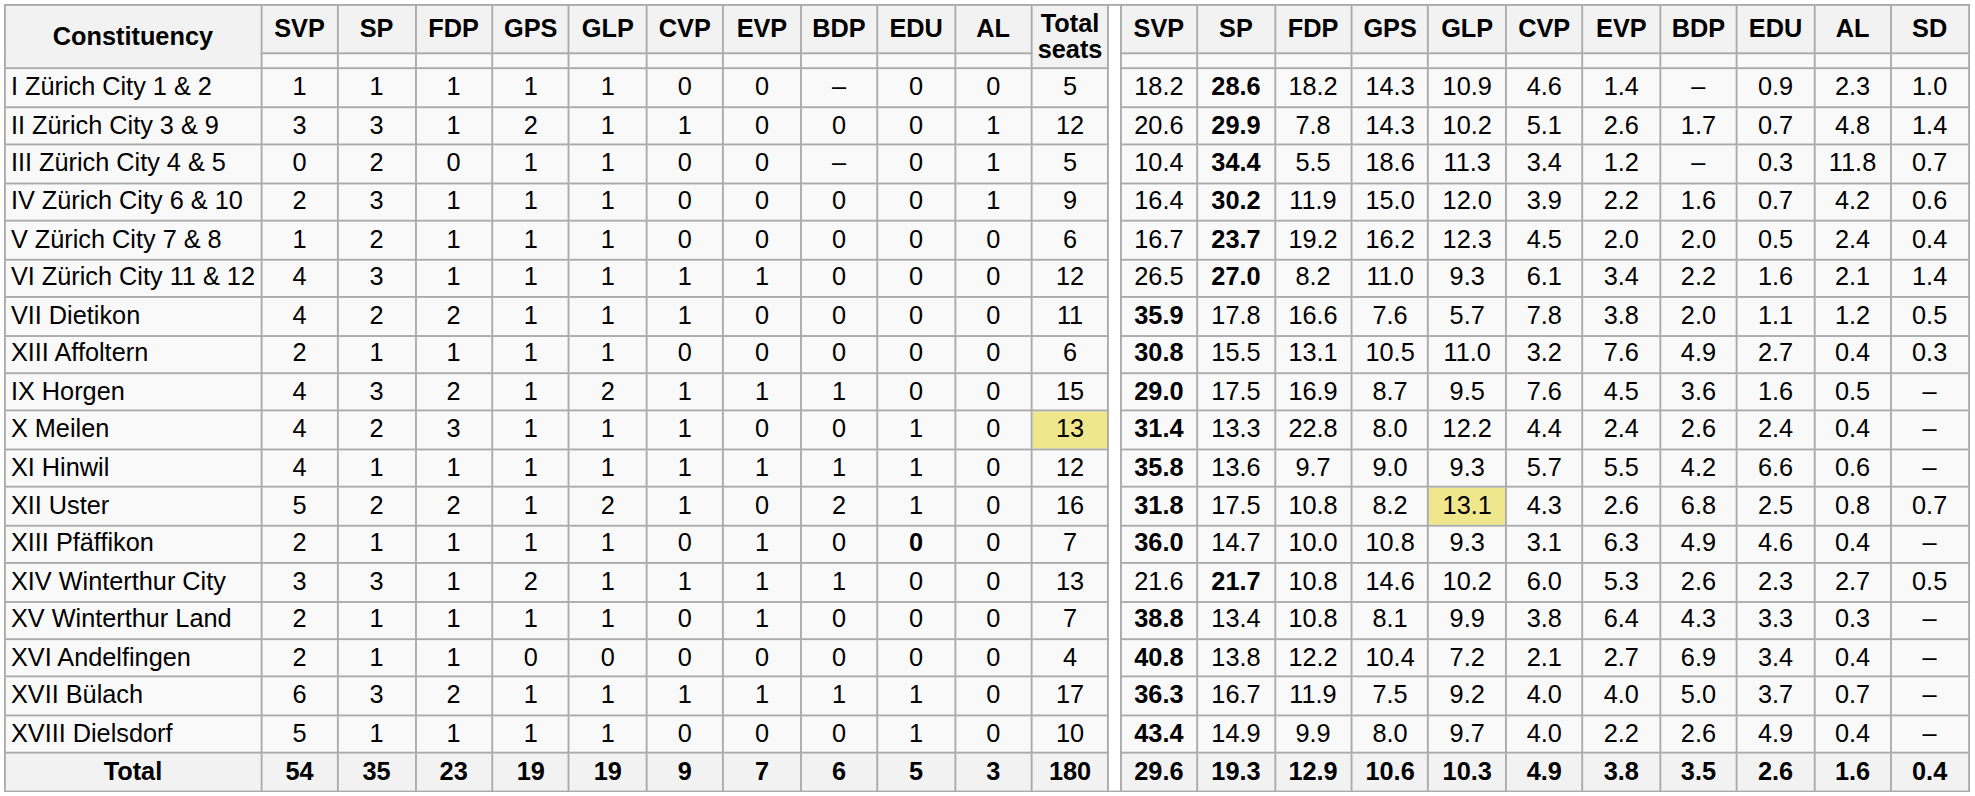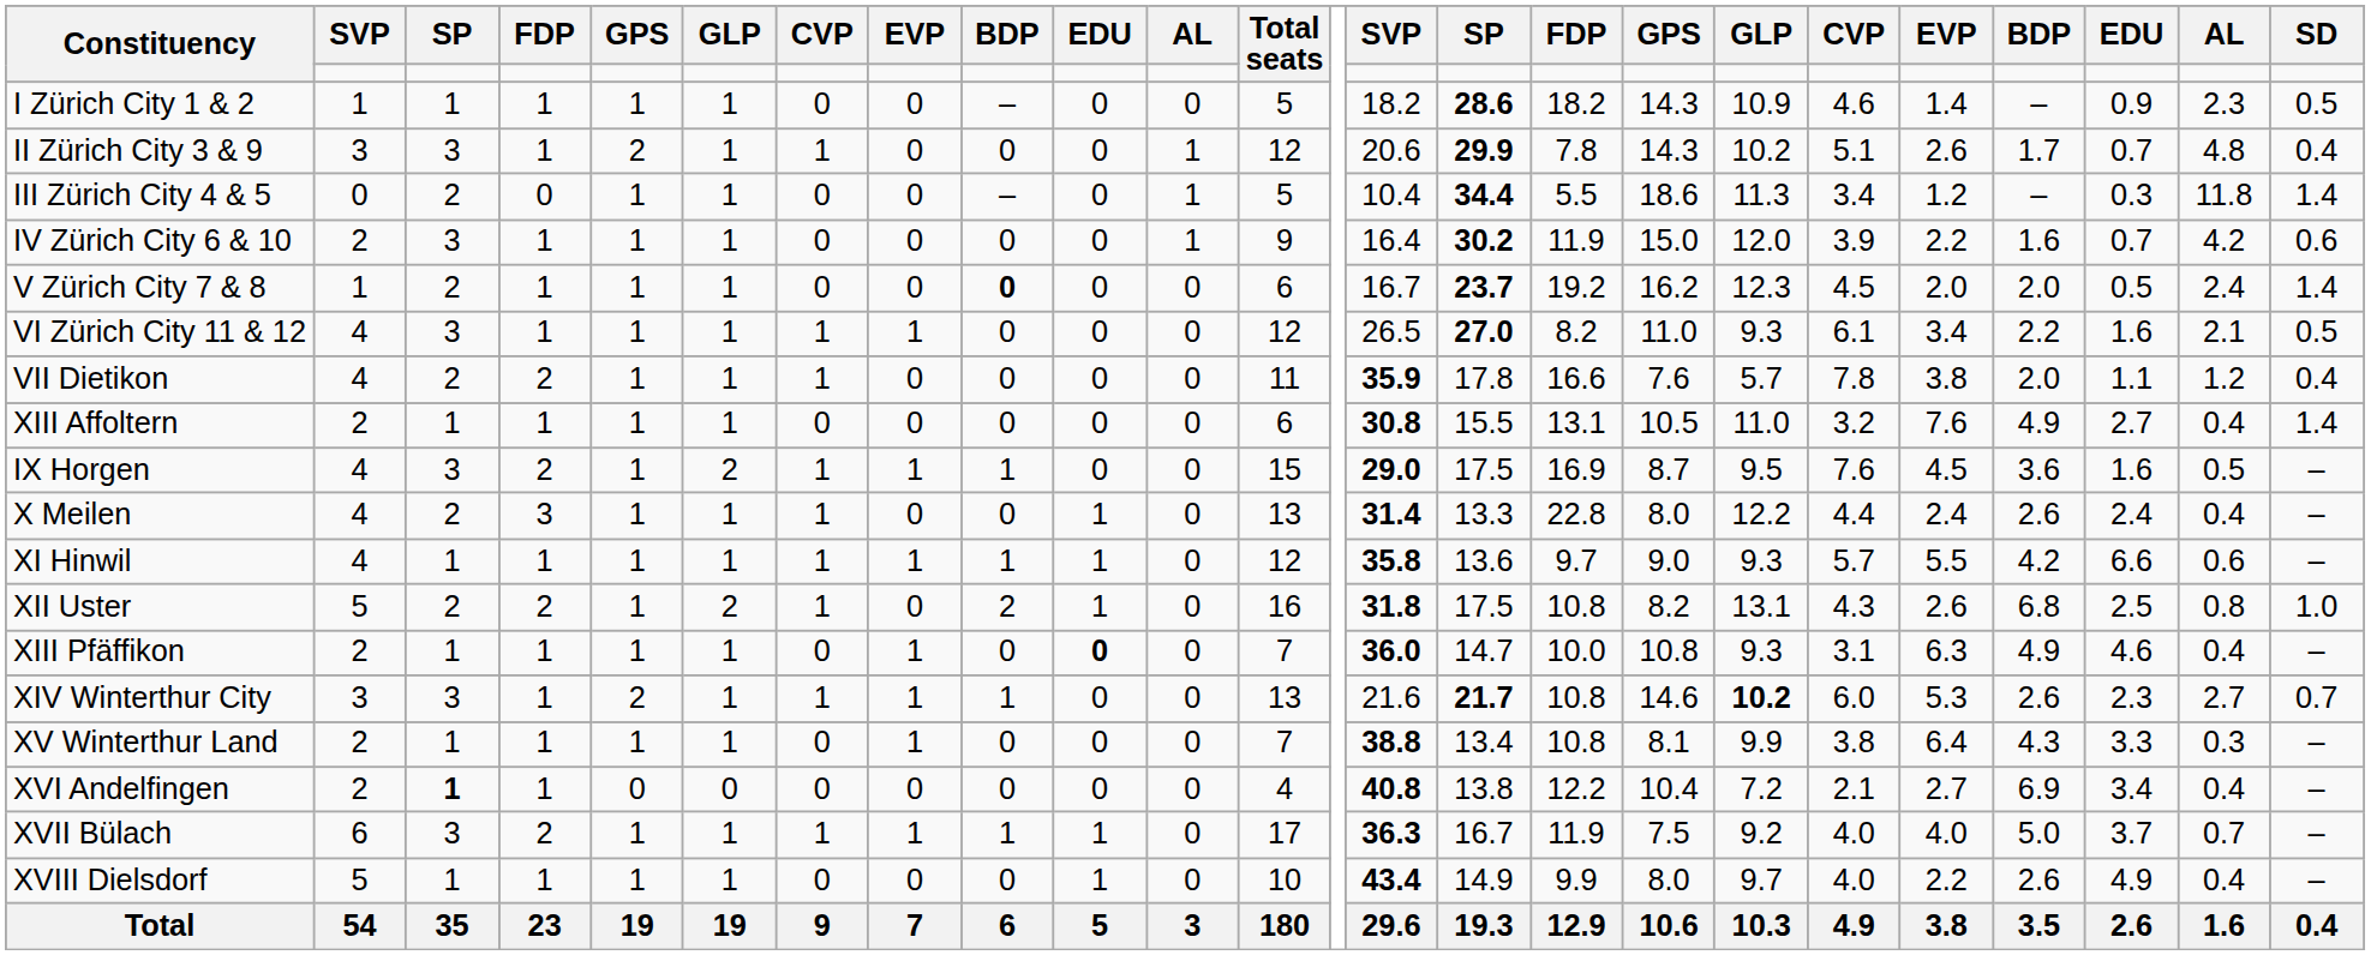 <table class="wikitable mw-datatable" style="text-align:center; font-size:85%; line-height:14px;">
 <tr>
 <th rowspan="2">Constituency</th>
 <th>SVP</th>
 <th>SP</th>
 <th>FDP</th>
 <th>GPS</th>
 <th>GLP</th>
 <th>CVP</th>
 <th>EVP</th>
 <th>BDP</th>
 <th>EDU</th>
 <th>AL</th>
 <th rowspan="2">Total<br>seats</th>
 <td style="background-color:white;" rowspan=21></td>
 <th>SVP</th>
 <th>SP</th>
 <th>FDP</th>
 <th>GPS</th>
 <th>GLP</th>
 <th>CVP</th>
 <th>EVP</th>
 <th>BDP</th>
 <th>EDU</th>
 <th>AL</th>
 <th>SD</th>
 </tr>
 <tr>
 <td style="width:35px; background-color:"></td>
 <td style="width:35px; background-color:"></td>
 <td style="width:35px; background-color:"></td>
 <td style="width:35px; background-color:"></td>
 <td style="width:35px; background-color:"></td>
 <td style="width:35px; background-color:"></td>
 <td style="width:35px; background-color:"></td>
 <td style="width:35px; background-color:"></td>
 <td style="width:35px; background-color:"></td>
 <td style="width:35px; background-color:"></td>
 <td style="width:35px; background-color:"></td>
 <td style="width:35px; background-color:"></td>
 <td style="width:35px; background-color:"></td>
 <td style="width:35px; background-color:"></td>
 <td style="width:35px; background-color:"></td>
 <td style="width:35px; background-color:"></td>
 <td style="width:35px; background-color:"></td>
 <td style="width:35px; background-color:"></td>
 <td style="width:35px; background-color:"></td>
 <td style="width:35px; background-color:"></td>
 <td style="width:35px; background-color:"></td>
 </tr>
 <tr>
 <td align="left">I Zürich City 1 & 2</td>
 <td>1</td>
 <td>1</td>
 <td>1</td>
 <td>1</td>
 <td>1</td>
 <td>0</td>
 <td>0</td>
 <td>–</td>
 <td>0</td>
 <td>0</td>
 <td>5</td>
 <td>18.2</td>
 <td style="background-color:#"><strong>28.6</strong></td>
 <td>18.2</td>
 <td>14.3</td>
 <td>10.9</td>
 <td>4.6</td>
 <td>1.4</td>
 <td>–</td>
 <td>0.9</td>
 <td>2.3</td>
-<td>1.0</td>
+<td>0.5</td>
 </tr>
 <tr>
 <td align="left">II Zürich City 3 & 9</td>
 <td>3</td>
 <td>3</td>
 <td>1</td>
 <td>2</td>
 <td>1</td>
 <td>1</td>
 <td>0</td>
 <td>0</td>
 <td>0</td>
 <td>1</td>
 <td>12</td>
 <td>20.6</td>
 <td style="background-color:#"><strong>29.9</strong></td>
 <td>7.8</td>
 <td>14.3</td>
 <td>10.2</td>
 <td>5.1</td>
 <td>2.6</td>
 <td>1.7</td>
 <td>0.7</td>
 <td>4.8</td>
-<td>1.4</td>
+<td>0.4</td>
 </tr>
 <tr>
 <td align="left">III Zürich City 4 & 5</td>
 <td>0</td>
 <td>2</td>
 <td>0</td>
 <td>1</td>
 <td>1</td>
 <td>0</td>
 <td>0</td>
 <td>–</td>
 <td>0</td>
 <td>1</td>
 <td>5</td>
 <td>10.4</td>
 <td style="background-color:#"><strong>34.4</strong></td>
 <td>5.5</td>
 <td>18.6</td>
 <td>11.3</td>
 <td>3.4</td>
 <td>1.2</td>
 <td>–</td>
 <td>0.3</td>
 <td>11.8</td>
-<td>0.7</td>
+<td>1.4</td>
 </tr>
 <tr>
 <td align="left">IV Zürich City 6 & 10</td>
 <td>2</td>
 <td>3</td>
 <td>1</td>
 <td>1</td>
 <td>1</td>
 <td>0</td>
 <td>0</td>
 <td>0</td>
 <td>0</td>
 <td>1</td>
 <td>9</td>
 <td>16.4</td>
 <td style="background-color:#"><strong>30.2</strong></td>
 <td>11.9</td>
 <td>15.0</td>
 <td>12.0</td>
 <td>3.9</td>
 <td>2.2</td>
 <td>1.6</td>
 <td>0.7</td>
 <td>4.2</td>
 <td>0.6</td>
 </tr>
 <tr>
 <td align="left">V Zürich City 7 & 8</td>
 <td>1</td>
 <td>2</td>
 <td>1</td>
 <td>1</td>
 <td>1</td>
 <td>0</td>
 <td>0</td>
-<td>0</td>
+<td><strong>0</strong></td>
 <td>0</td>
 <td>0</td>
 <td>6</td>
 <td>16.7</td>
 <td style="background-color:#"><strong>23.7</strong></td>
 <td>19.2</td>
 <td>16.2</td>
 <td>12.3</td>
 <td>4.5</td>
 <td>2.0</td>
 <td>2.0</td>
 <td>0.5</td>
 <td>2.4</td>
-<td>0.4</td>
+<td>1.4</td>
 </tr>
 <tr>
 <td align="left">VI Zürich City 11 & 12</td>
 <td>4</td>
 <td>3</td>
 <td>1</td>
 <td>1</td>
 <td>1</td>
 <td>1</td>
 <td>1</td>
 <td>0</td>
 <td>0</td>
 <td>0</td>
 <td>12</td>
 <td>26.5</td>
 <td style="background-color:#"><strong>27.0</strong></td>
 <td>8.2</td>
 <td>11.0</td>
 <td>9.3</td>
 <td>6.1</td>
 <td>3.4</td>
 <td>2.2</td>
 <td>1.6</td>
 <td>2.1</td>
-<td>1.4</td>
+<td>0.5</td>
 </tr>
 <tr>
 <td align="left">VII Dietikon</td>
 <td>4</td>
 <td>2</td>
 <td>2</td>
 <td>1</td>
 <td>1</td>
 <td>1</td>
 <td>0</td>
 <td>0</td>
 <td>0</td>
 <td>0</td>
 <td>11</td>
 <td style="background-color:#"><strong>35.9</strong></td>
 <td>17.8</td>
 <td>16.6</td>
 <td>7.6</td>
 <td>5.7</td>
 <td>7.8</td>
 <td>3.8</td>
 <td>2.0</td>
 <td>1.1</td>
 <td>1.2</td>
-<td>0.5</td>
+<td>0.4</td>
 </tr>
 <tr>
 <td align="left">XIII Affoltern</td>
 <td>2</td>
 <td>1</td>
 <td>1</td>
 <td>1</td>
 <td>1</td>
 <td>0</td>
 <td>0</td>
 <td>0</td>
 <td>0</td>
 <td>0</td>
 <td>6</td>
 <td style="background-color:#"><strong>30.8</strong></td>
 <td>15.5</td>
 <td>13.1</td>
 <td>10.5</td>
 <td>11.0</td>
 <td>3.2</td>
 <td>7.6</td>
 <td>4.9</td>
 <td>2.7</td>
 <td>0.4</td>
-<td>0.3</td>
+<td>1.4</td>
 </tr>
 <tr>
 <td align="left">IX Horgen</td>
 <td>4</td>
 <td>3</td>
 <td>2</td>
 <td>1</td>
 <td>2</td>
 <td>1</td>
 <td>1</td>
 <td>1</td>
 <td>0</td>
 <td>0</td>
 <td>15</td>
 <td style="background-color:#"><strong>29.0</strong></td>
 <td>17.5</td>
 <td>16.9</td>
 <td>8.7</td>
 <td>9.5</td>
 <td>7.6</td>
 <td>4.5</td>
 <td>3.6</td>
 <td>1.6</td>
 <td>0.5</td>
 <td>–</td>
 </tr>
 <tr>
 <td align="left">X Meilen</td>
 <td>4</td>
 <td>2</td>
 <td>3</td>
 <td>1</td>
 <td>1</td>
 <td>1</td>
 <td>0</td>
 <td>0</td>
 <td>1</td>
 <td>0</td>
-<td style="background: khaki;">13</td>
+<td>13</td>
 <td style="background-color:#"><strong>31.4</strong></td>
 <td>13.3</td>
 <td>22.8</td>
 <td>8.0</td>
 <td>12.2</td>
 <td>4.4</td>
 <td>2.4</td>
 <td>2.6</td>
 <td>2.4</td>
 <td>0.4</td>
 <td>–</td>
 </tr>
 <tr>
 <td align="left">XI Hinwil</td>
 <td>4</td>
 <td>1</td>
 <td>1</td>
 <td>1</td>
 <td>1</td>
 <td>1</td>
 <td>1</td>
 <td>1</td>
 <td>1</td>
 <td>0</td>
 <td>12</td>
 <td style="background-color:#"><strong>35.8</strong></td>
 <td>13.6</td>
 <td>9.7</td>
 <td>9.0</td>
 <td>9.3</td>
 <td>5.7</td>
 <td>5.5</td>
 <td>4.2</td>
 <td>6.6</td>
 <td>0.6</td>
 <td>–</td>
 </tr>
 <tr>
 <td align="left">XII Uster</td>
 <td>5</td>
 <td>2</td>
 <td>2</td>
 <td>1</td>
 <td>2</td>
 <td>1</td>
 <td>0</td>
 <td>2</td>
 <td>1</td>
 <td>0</td>
 <td>16</td>
 <td style="background-color:#"><strong>31.8</strong></td>
 <td>17.5</td>
 <td>10.8</td>
 <td>8.2</td>
-<td style="background: khaki;">13.1</td>
+<td>13.1</td>
 <td>4.3</td>
 <td>2.6</td>
 <td>6.8</td>
 <td>2.5</td>
 <td>0.8</td>
-<td>0.7</td>
+<td>1.0</td>
 </tr>
 <tr>
 <td align="left">XIII Pfäffikon</td>
 <td>2</td>
 <td>1</td>
 <td>1</td>
 <td>1</td>
 <td>1</td>
 <td>0</td>
 <td>1</td>
 <td>0</td>
 <td><strong>0</strong></td>
 <td>0</td>
 <td>7</td>
 <td style="background-color:#"><strong>36.0</strong></td>
 <td>14.7</td>
 <td>10.0</td>
 <td>10.8</td>
 <td>9.3</td>
 <td>3.1</td>
 <td>6.3</td>
 <td>4.9</td>
 <td>4.6</td>
 <td>0.4</td>
 <td>–</td>
 </tr>
 <tr>
 <td align="left">XIV Winterthur City</td>
 <td>3</td>
 <td>3</td>
 <td>1</td>
 <td>2</td>
 <td>1</td>
 <td>1</td>
 <td>1</td>
 <td>1</td>
 <td>0</td>
 <td>0</td>
 <td>13</td>
 <td>21.6</td>
 <td style="background-color:#"><strong>21.7</strong></td>
 <td>10.8</td>
 <td>14.6</td>
-<td>10.2</td>
+<td><strong>10.2</strong></td>
 <td>6.0</td>
 <td>5.3</td>
 <td>2.6</td>
 <td>2.3</td>
 <td>2.7</td>
-<td>0.5</td>
+<td>0.7</td>
 </tr>
 <tr>
 <td align="left">XV Winterthur Land</td>
 <td>2</td>
 <td>1</td>
 <td>1</td>
 <td>1</td>
 <td>1</td>
 <td>0</td>
 <td>1</td>
 <td>0</td>
 <td>0</td>
 <td>0</td>
 <td>7</td>
 <td style="background-color:#"><strong>38.8</strong></td>
 <td>13.4</td>
 <td>10.8</td>
 <td>8.1</td>
 <td>9.9</td>
 <td>3.8</td>
 <td>6.4</td>
 <td>4.3</td>
 <td>3.3</td>
 <td>0.3</td>
 <td>–</td>
 </tr>
 <tr>
 <td align="left">XVI Andelfingen</td>
 <td>2</td>
-<td>1</td>
+<td><strong>1</strong></td>
 <td>1</td>
 <td>0</td>
 <td>0</td>
 <td>0</td>
 <td>0</td>
 <td>0</td>
 <td>0</td>
 <td>0</td>
 <td>4</td>
 <td style="background-color:#"><strong>40.8</strong></td>
 <td>13.8</td>
 <td>12.2</td>
 <td>10.4</td>
 <td>7.2</td>
 <td>2.1</td>
 <td>2.7</td>
 <td>6.9</td>
 <td>3.4</td>
 <td>0.4</td>
 <td>–</td>
 </tr>
 <tr>
 <td align="left">XVII Bülach</td>
 <td>6</td>
 <td>3</td>
 <td>2</td>
 <td>1</td>
 <td>1</td>
 <td>1</td>
 <td>1</td>
 <td>1</td>
 <td>1</td>
 <td>0</td>
 <td>17</td>
 <td style="background-color:#"><strong>36.3</strong></td>
 <td>16.7</td>
 <td>11.9</td>
 <td>7.5</td>
 <td>9.2</td>
 <td>4.0</td>
 <td>4.0</td>
 <td>5.0</td>
 <td>3.7</td>
 <td>0.7</td>
 <td>–</td>
 </tr>
 <tr>
 <td align="left">XVIII Dielsdorf</td>
 <td>5</td>
 <td>1</td>
 <td>1</td>
 <td>1</td>
 <td>1</td>
 <td>0</td>
 <td>0</td>
 <td>0</td>
 <td>1</td>
 <td>0</td>
 <td>10</td>
 <td style="background-color:#"><strong>43.4</strong></td>
 <td>14.9</td>
 <td>9.9</td>
 <td>8.0</td>
 <td>9.7</td>
 <td>4.0</td>
 <td>2.2</td>
 <td>2.6</td>
 <td>4.9</td>
 <td>0.4</td>
 <td>–</td>
 </tr>
 <tr>
 <th>Total</th>
 <th>54</th>
 <th>35</th>
 <th>23</th>
 <th>19</th>
 <th>19</th>
 <th>9</th>
 <th>7</th>
 <th>6</th>
 <th>5</th>
 <th>3</th>
 <th>180</th>
 <th style="background-color:#">29.6</th>
 <th>19.3</th>
 <th>12.9</th>
 <th>10.6</th>
 <th>10.3</th>
 <th>4.9</th>
 <th>3.8</th>
 <th>3.5</th>
 <th>2.6</th>
 <th>1.6</th>
 <th>0.4</th>
 </tr>
 <tr>
 </tr>
 </table>
